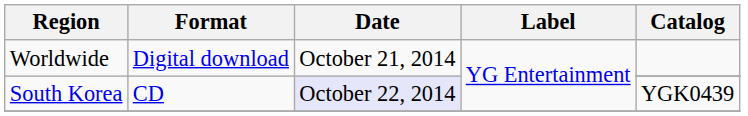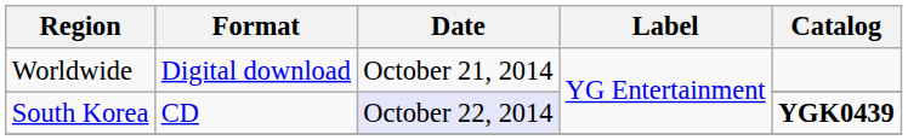 <table class="wikitable">
 <tr>
 <th>Region</th>
 <th>Format</th>
 <th>Date</th>
 <th>Label</th>
 <th>Catalog</th>
 </tr>
 <tr>
 <td>Worldwide</td>
 <td rowspan="2"><a href='#'>Digital download</a></td>
 <td rowspan="2">October 21, 2014</td>
 <td rowspan="3"><a href='#'>YG Entertainment</a></td>
 <td></td>
 </tr>
 <tr>
 <td rowspan="2"><a href='#'>South Korea</a></td>
 </tr>
 <tr>
 <td><a href='#'>CD</a></td>
 <td style="background: lavender;">October 22, 2014</td>
-<td>YGK0439</td>
+<td><strong>YGK0439</strong></td>
 </tr>
 <tr>
 </tr>
 </table>
